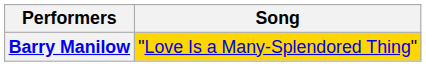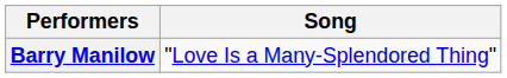 <table class="wikitable unsortable" style="text-align:center;">
 <tr>
 <th scope="col">Performers</th>
 <th scope="col">Song</th>
 </tr>
 <tr>
 <th scope="row"><a href='#'>Barry Manilow</a></th>
-<td style="background: gold;">"<a href='#'>Love Is a Many-Splendored Thing</a>"</td>
+<td>"<a href='#'>Love Is a Many-Splendored Thing</a>"</td>
 </tr>
 </table>
